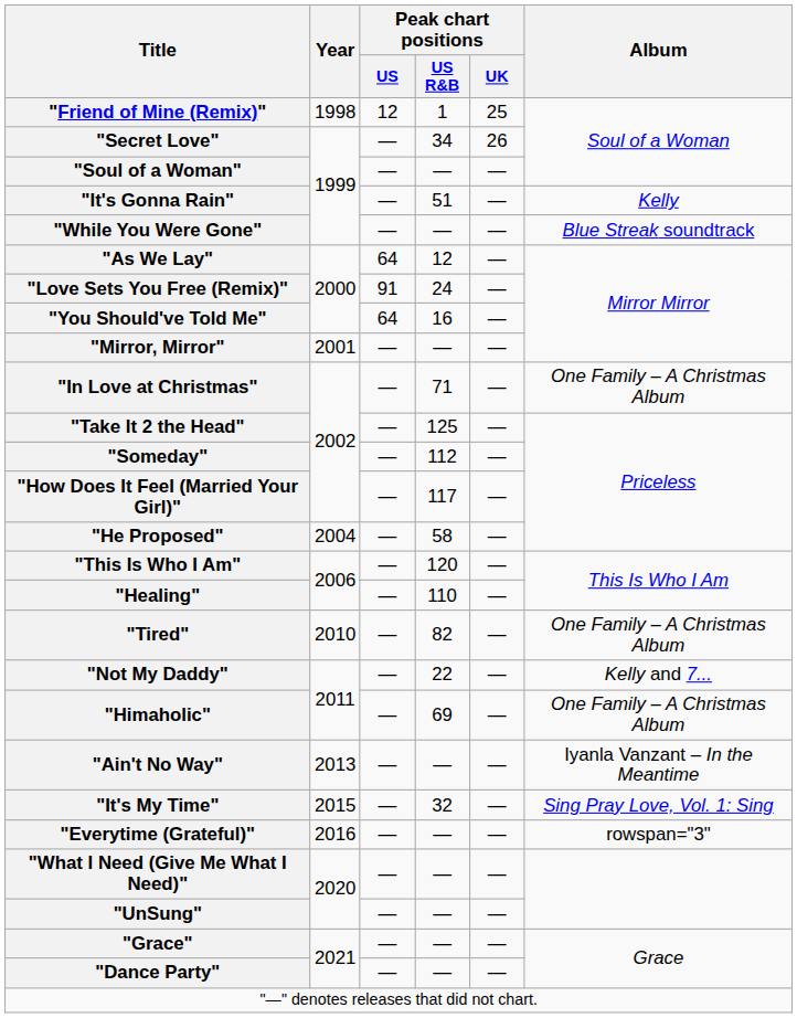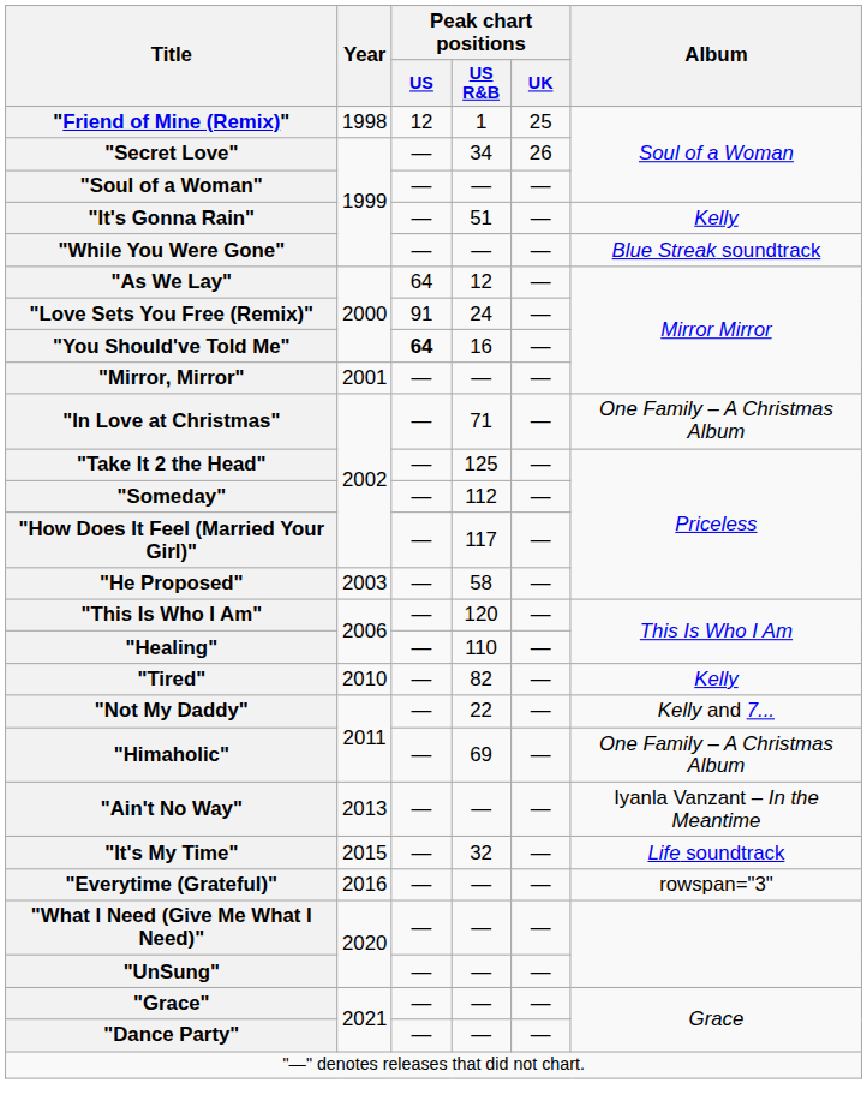 <table class="wikitable plainrowheaders" style="text-align:center;">
 <tr>
 <th scope="col" rowspan="2" style="width:16em;">Title</th>
 <th scope="col" rowspan="2" style="width:2em;">Year</th>
 <th scope="col" colspan="3">Peak chart positions</th>
 <th scope="col" rowspan="2" style="width:14em;">Album</th>
 </tr>
 <tr>
 <th style="width:3em;font-size:85%"><a href='#'>US</a><br></th>
 <th style="width:3em;font-size:85%"><a href='#'>US R&B</a><br></th>
 <th style="width:3em;font-size:85%"><a href='#'>UK</a><br></th>
 </tr>
 <tr>
 <th scope="row">"<a href='#'>Friend of Mine (Remix)</a>"<br></th>
 <td>1998</td>
 <td>12</td>
 <td>1</td>
 <td>25</td>
 <td rowspan="3"><em><a href='#'>Soul of a Woman</a></em></td>
 </tr>
 <tr>
 <th scope="row">"Secret Love"</th>
 <td rowspan="4">1999</td>
 <td>—</td>
 <td>34</td>
 <td>26</td>
 </tr>
 <tr>
 <th scope="row">"Soul of a Woman"</th>
 <td>—</td>
 <td>—</td>
 <td>—</td>
 </tr>
 <tr>
 <th scope="row">"It's Gonna Rain"</th>
 <td>—</td>
 <td>51</td>
 <td>—</td>
 <td><em><a href='#'>Kelly</a></em></td>
 </tr>
 <tr>
 <th scope="row">"While You Were Gone"</th>
 <td>—</td>
 <td>—</td>
 <td>—</td>
 <td><a href='#'><em>Blue Streak</em> soundtrack</a></td>
 </tr>
 <tr>
 <th scope="row">"As We Lay"</th>
 <td rowspan="3">2000</td>
 <td>64</td>
 <td>12</td>
 <td>—</td>
 <td rowspan="4"><em><a href='#'>Mirror Mirror</a></em></td>
 </tr>
 <tr>
 <th scope="row">"Love Sets You Free (Remix)"</th>
 <td>91</td>
 <td>24</td>
 <td>—</td>
 </tr>
 <tr>
 <th scope="row">"You Should've Told Me"</th>
-<td>64</td>
+<td><strong>64</strong></td>
 <td>16</td>
 <td>—</td>
 </tr>
 <tr>
 <th scope="row">"Mirror, Mirror"</th>
 <td>2001</td>
 <td>—</td>
 <td>—</td>
 <td>—</td>
 </tr>
 <tr>
 <th scope="row">"In Love at Christmas"<br></th>
 <td rowspan="4">2002</td>
 <td>—</td>
 <td>71</td>
 <td>—</td>
 <td><em>One Family – A Christmas Album</em></td>
 </tr>
 <tr>
 <th scope="row">"Take It 2 the Head"<br></th>
 <td>—</td>
 <td>125</td>
 <td>—</td>
 <td rowspan="4"><em><a href='#'>Priceless</a></em></td>
 </tr>
 <tr>
 <th scope="row">"Someday"</th>
 <td>—</td>
 <td>112</td>
 <td>—</td>
 </tr>
 <tr>
 <th scope="row">"How Does It Feel (Married Your Girl)"</th>
 <td>—</td>
 <td>117</td>
 <td>—</td>
 </tr>
 <tr>
 <th scope="row">"He Proposed"</th>
-<td>2004</td>
+<td>2003</td>
 <td>—</td>
 <td>58</td>
 <td>—</td>
 </tr>
 <tr>
 <th scope="row">"This Is Who I Am"</th>
 <td rowspan="2">2006</td>
 <td>—</td>
 <td>120</td>
 <td>—</td>
 <td rowspan="2"><em><a href='#'>This Is Who I Am</a></em></td>
 </tr>
 <tr>
 <th scope="row">"Healing"</th>
 <td>—</td>
 <td>110</td>
 <td>—</td>
 </tr>
 <tr>
 <th scope="row">"Tired"</th>
 <td>2010</td>
 <td>—</td>
 <td>82</td>
 <td>—</td>
-<td><em>One Family – A Christmas Album</em></td>
+<td><em><a href='#'>Kelly</a></em></td>
 </tr>
 <tr>
 <th scope="row">"Not My Daddy"<br></th>
 <td rowspan="2">2011</td>
 <td>—</td>
 <td>22</td>
 <td>—</td>
 <td><em>Kelly</em> and <em><a href='#'>7...</a></em></td>
 </tr>
 <tr>
 <th scope="row">"Himaholic"</th>
 <td>—</td>
 <td>69</td>
 <td>—</td>
 <td><em>One Family – A Christmas Album</em></td>
 </tr>
 <tr>
 <th scope="row">"Ain't No Way"</th>
 <td>2013</td>
 <td>—</td>
 <td>—</td>
 <td>—</td>
 <td>Iyanla Vanzant – <em>In the Meantime</em></td>
 </tr>
 <tr>
 <th scope="row">"It's My Time"</th>
 <td>2015</td>
 <td>—</td>
 <td>32</td>
 <td>—</td>
-<td><em><a href='#'>Sing Pray Love, Vol. 1: Sing</a></em></td>
+<td><a href='#'><em>Life</em> soundtrack</a></td>
 </tr>
 <tr>
 <th scope="row">"Everytime (Grateful)"</th>
 <td>2016</td>
 <td>—</td>
 <td>—</td>
 <td>—</td>
 <td>rowspan="3" </td>
 </tr>
 <tr>
 <th scope="row">"What I Need (Give Me What I Need)"</th>
 <td rowspan="2">2020</td>
 <td>—</td>
 <td>—</td>
 <td>—</td>
 </tr>
 <tr>
 <th scope="row">"UnSung"</th>
 <td>—</td>
 <td>—</td>
 <td>—</td>
 </tr>
 <tr>
 <th scope="row">"Grace"</th>
 <td rowspan="2">2021</td>
 <td>—</td>
 <td>—</td>
 <td>—</td>
 <td rowspan="2"><em>Grace</em></td>
 </tr>
 <tr>
 <th scope="row">"Dance Party"</th>
 <td>—</td>
 <td>—</td>
 <td>—</td>
 </tr>
 <tr>
 <td align="center" colspan="6" style="font-size: 85%">"—" denotes releases that did not chart.</td>
 </tr>
 </table>
